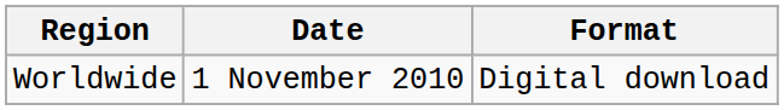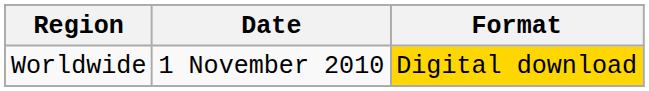 <table class="wikitable">
 <tr>
 <th>Region</th>
 <th>Date</th>
 <th>Format</th>
 </tr>
 <tr>
 <td rowspan="2">Worldwide</td>
 <td>1 November 2010</td>
-<td>Digital download</td>
+<td style="background: gold;">Digital download</td>
 </tr>
 </table>
